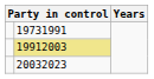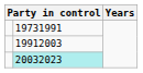 <table class="wikitable">
 <tr>
 <th colspan="2">Party in control</th>
 <th>Years</th>
 </tr>
 <tr>
 <td></td>
 <td>19731991</td>
 </tr>
 <tr>
 <td></td>
-<td style="background: khaki;">19912003</td>
+<td>19912003</td>
 </tr>
 <tr>
 <td></td>
-<td>20032023</td>
+<td style="background: paleturquoise;">20032023</td>
 </tr>
 </table>
